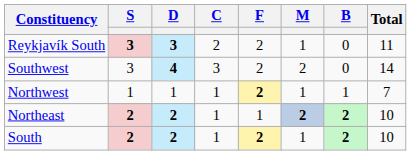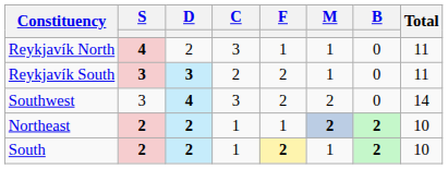 <table class="wikitable sortable" style="text-align:center;">
 <tr>
 <th rowspan=2><a href='#'>Constituency</a></th>
 <th style="width:40px;"><a href='#'>S</a></th>
 <th style="width:40px;"><a href='#'>D</a></th>
 <th style="width:40px;"><a href='#'>C</a></th>
 <th style="width:40px;"><a href='#'>F</a></th>
 <th style="width:40px;"><a href='#'>M</a></th>
 <th style="width:40px;"><a href='#'>B</a></th>
 <th rowspan="2">Total</th>
 </tr>
 <tr>
 <th style="background:"></th>
 <th style="background:"></th>
 <th style="background:"></th>
 <th style="background:"></th>
 <th style="background:"></th>
 <th style="background:"></th>
+</tr>
+<tr>
+<td align=left><a href='#'>Reykjavík North</a></td>
+<th style="background:#F6CDCF;">4</th>
+<td>2</td>
+<td>3</td>
+<td>1</td>
+<td>1</td>
+<td>0</td>
+<td>11</td>
 </tr>
 <tr>
 <td align=left><a href='#'>Reykjavík South</a></td>
 <th style="background:#F6CDCF;">3</th>
 <th style="background:#C6ECFB;">3</th>
 <td>2</td>
 <td>2</td>
 <td>1</td>
 <td>0</td>
 <td>11</td>
 </tr>
 <tr>
 <td align=left><a href='#'>Southwest</a></td>
 <td>3</td>
 <th style="background:#C6ECFB;">4</th>
 <td>3</td>
 <td>2</td>
 <td>2</td>
 <td>0</td>
 <td>14</td>
 </tr>
 <tr>
-<td align=left><a href='#'>Northwest</a></td>
-<td>1</td>
-<td>1</td>
-<td>1</td>
-<th style="background:#FEF4AE;">2</th>
-<td>1</td>
-<td>1</td>
-<td>7</td>
-</tr>
-<tr>
 <td align=left><a href='#'>Northeast</a></td>
 <th style="background:#F6CDCF;">2</th>
 <th style="background:#C6ECFB;">2</th>
 <td>1</td>
 <td>1</td>
 <th style="background:#BBCDE4;">2</th>
 <th style="background:#C5F7CA;">2</th>
 <td>10</td>
 </tr>
 <tr>
 <td align=left><a href='#'>South</a></td>
 <th style="background:#F6CDCF;">2</th>
 <th style="background:#C6ECFB;">2</th>
 <td>1</td>
 <th style="background:#FEF4AE;">2</th>
 <td>1</td>
 <th style="background:#C5F7CA;">2</th>
 <td>10</td>
 </tr>
 </table>
